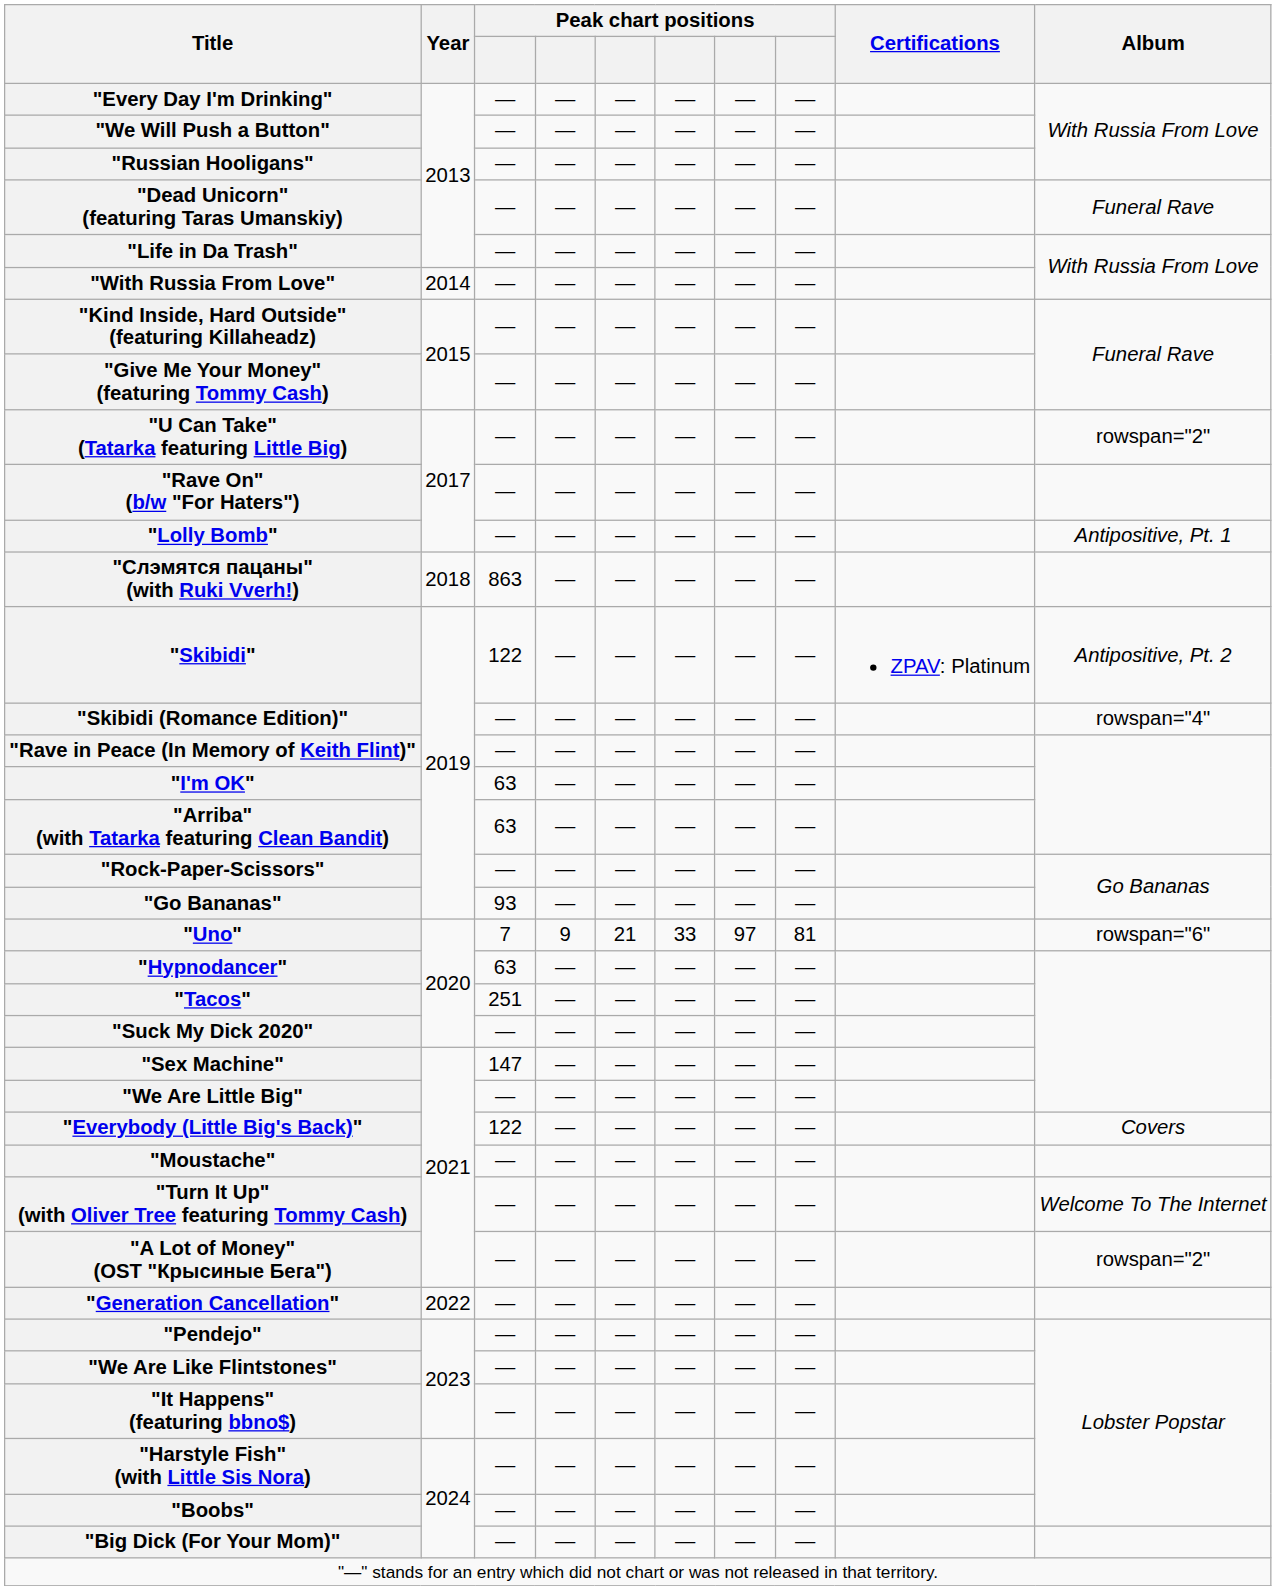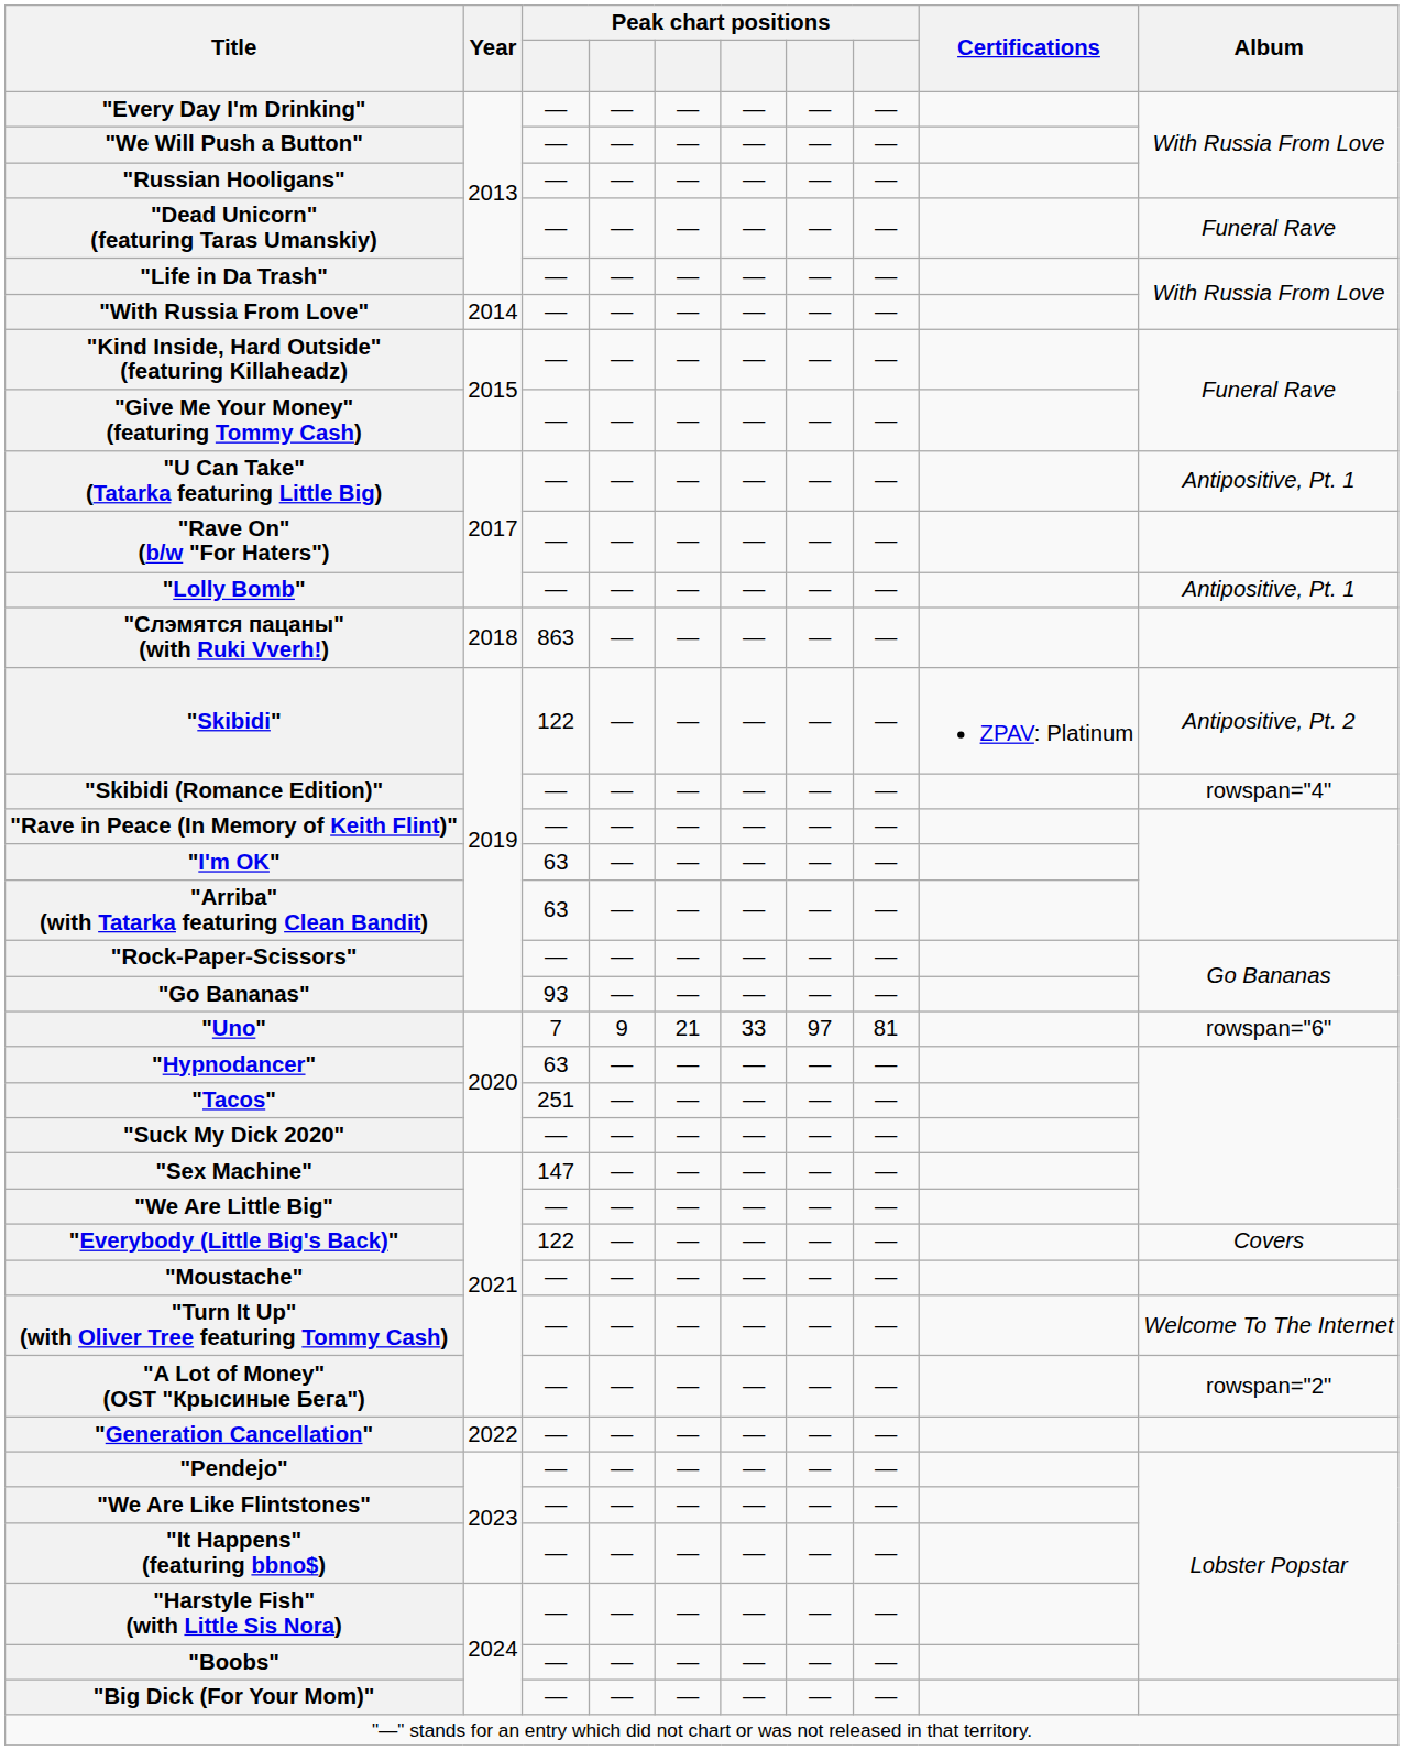 <table class="wikitable plainrowheaders" style="text-align:center;">
 <tr>
 <th rowspan="2" scope="col">Title</th>
 <th rowspan="2" scope="col">Year</th>
 <th colspan="6" scope="col">Peak chart positions</th>
 <th rowspan="2" scope="col"><a href='#'>Certifications</a></th>
 <th rowspan="2" scope="col">Album</th>
 </tr>
 <tr>
 <th scope="col" style="width:3em;font-size:85%;"><a href='#'></a><br></th>
 <th scope="col" style="width:3em;font-size:85%;"><a href='#'></a><br></th>
 <th scope="col" style="width:3em;font-size:85%;"><a href='#'></a><br></th>
 <th scope="col" style="width:3em;font-size:85%;"><a href='#'></a><br></th>
 <th scope="col" style="width:3em;font-size:85%;"><a href='#'></a><br></th>
 <th scope="col" style="width:3em;font-size:85%;"><a href='#'><br></a><br></th>
 </tr>
 <tr>
 <th scope="row">"Every Day I'm Drinking"</th>
 <td rowspan="5">2013</td>
 <td>—</td>
 <td>—</td>
 <td>—</td>
 <td>—</td>
 <td>—</td>
 <td>—</td>
 <td></td>
 <td rowspan="3"><em>With Russia From Love</em></td>
 </tr>
 <tr>
 <th scope="row">"We Will Push a Button"</th>
 <td>—</td>
 <td>—</td>
 <td>—</td>
 <td>—</td>
 <td>—</td>
 <td>—</td>
 <td></td>
 </tr>
 <tr>
 <th scope="row">"Russian Hooligans"</th>
 <td>—</td>
 <td>—</td>
 <td>—</td>
 <td>—</td>
 <td>—</td>
 <td>—</td>
 <td></td>
 </tr>
 <tr>
 <th scope="row">"Dead Unicorn"<br><span>(featuring Taras Umanskiy)</span></th>
 <td>—</td>
 <td>—</td>
 <td>—</td>
 <td>—</td>
 <td>—</td>
 <td>—</td>
 <td></td>
 <td><em>Funeral Rave</em></td>
 </tr>
 <tr>
 <th scope="row">"Life in Da Trash"</th>
 <td>—</td>
 <td>—</td>
 <td>—</td>
 <td>—</td>
 <td>—</td>
 <td>—</td>
 <td></td>
 <td rowspan="2"><em>With Russia From Love</em></td>
 </tr>
 <tr>
 <th scope="row">"With Russia From Love"</th>
 <td>2014</td>
 <td>—</td>
 <td>—</td>
 <td>—</td>
 <td>—</td>
 <td>—</td>
 <td>—</td>
 <td></td>
 </tr>
 <tr>
 <th scope="row">"Kind Inside, Hard Outside"<br><span>(featuring Killaheadz)</span></th>
 <td rowspan="2">2015</td>
 <td>—</td>
 <td>—</td>
 <td>—</td>
 <td>—</td>
 <td>—</td>
 <td>—</td>
 <td></td>
 <td rowspan="2"><em>Funeral Rave</em></td>
 </tr>
 <tr>
 <th scope="row">"Give Me Your Money"<br><span>(featuring <a href='#'>Tommy Cash</a>)</span></th>
 <td>—</td>
 <td>—</td>
 <td>—</td>
 <td>—</td>
 <td>—</td>
 <td>—</td>
 <td></td>
 </tr>
 <tr>
 <th scope="row">"U Can Take"<br><span>(<a href='#'>Tatarka</a> featuring <a href='#'>Little Big</a>)</span></th>
 <td rowspan="3">2017</td>
 <td>—</td>
 <td>—</td>
 <td>—</td>
 <td>—</td>
 <td>—</td>
 <td>—</td>
 <td></td>
-<td>rowspan="2" </td>
+<td><em>Antipositive, Pt. 1</em></td>
 </tr>
 <tr>
 <th scope="row">"Rave On"<br><span>(<a href='#'>b/w</a> "For Haters")</span></th>
 <td>—</td>
 <td>—</td>
 <td>—</td>
 <td>—</td>
 <td>—</td>
 <td>—</td>
 <td></td>
 </tr>
 <tr>
 <th scope="row">"<a href='#'>Lolly Bomb</a>"</th>
 <td>—</td>
 <td>—</td>
 <td>—</td>
 <td>—</td>
 <td>—</td>
 <td>—</td>
 <td></td>
 <td><em>Antipositive, Pt. 1</em></td>
 </tr>
 <tr>
 <th scope="row">"Слэмятся пацаны"<br><span>(with <a href='#'>Ruki Vverh!</a>)</span></th>
 <td>2018</td>
 <td>863</td>
 <td>—</td>
 <td>—</td>
 <td>—</td>
 <td>—</td>
 <td>—</td>
 <td></td>
 <td></td>
 </tr>
 <tr>
 <th scope="row">"<a href='#'>Skibidi</a>"</th>
 <td rowspan="7">2019</td>
 <td>122</td>
 <td>—</td>
 <td>—</td>
 <td>—</td>
 <td>—</td>
 <td>—</td>
 <td><br><ul><li><a href='#'>ZPAV</a>: Platinum</li></ul></td>
 <td><em>Antipositive, Pt. 2</em></td>
 </tr>
 <tr>
 <th scope="row">"Skibidi (Romance Edition)"</th>
 <td>—</td>
 <td>—</td>
 <td>—</td>
 <td>—</td>
 <td>—</td>
 <td>—</td>
 <td></td>
 <td>rowspan="4" </td>
 </tr>
 <tr>
 <th scope="row">"Rave in Peace (In Memory of <a href='#'>Keith Flint</a>)"</th>
 <td>—</td>
 <td>—</td>
 <td>—</td>
 <td>—</td>
 <td>—</td>
 <td>—</td>
 <td></td>
 </tr>
 <tr>
 <th scope="row">"<a href='#'>I'm OK</a>"</th>
 <td>63</td>
 <td>—</td>
 <td>—</td>
 <td>—</td>
 <td>—</td>
 <td>—</td>
 <td></td>
 </tr>
 <tr>
 <th scope="row">"Arriba"<br><span>(with <a href='#'>Tatarka</a> featuring <a href='#'>Clean Bandit</a>)</span></th>
 <td>63</td>
 <td>—</td>
 <td>—</td>
 <td>—</td>
 <td>—</td>
 <td>—</td>
 <td></td>
 </tr>
 <tr>
 <th scope="row">"Rock-Paper-Scissors"</th>
 <td>—</td>
 <td>—</td>
 <td>—</td>
 <td>—</td>
 <td>—</td>
 <td>—</td>
 <td></td>
 <td rowspan="2"><em>Go Bananas</em></td>
 </tr>
 <tr>
 <th scope="row">"Go Bananas"</th>
 <td>93</td>
 <td>—</td>
 <td>—</td>
 <td>—</td>
 <td>—</td>
 <td>—</td>
 <td></td>
 </tr>
 <tr>
 <th scope="row">"<a href='#'>Uno</a>"</th>
 <td rowspan="4">2020</td>
 <td>7</td>
 <td>9</td>
 <td>21</td>
 <td>33</td>
 <td>97</td>
 <td>81</td>
 <td></td>
 <td>rowspan="6" </td>
 </tr>
 <tr>
 <th scope="row">"<a href='#'>Hypnodancer</a>"</th>
 <td>63</td>
 <td>—</td>
 <td>—</td>
 <td>—</td>
 <td>—</td>
 <td>—</td>
 <td></td>
 </tr>
 <tr>
 <th scope="row">"<a href='#'>Tacos</a>"</th>
 <td>251</td>
 <td>—</td>
 <td>—</td>
 <td>—</td>
 <td>—</td>
 <td>—</td>
 <td></td>
 </tr>
 <tr>
 <th scope="row">"Suck My Dick 2020"</th>
 <td>—</td>
 <td>—</td>
 <td>—</td>
 <td>—</td>
 <td>—</td>
 <td>—</td>
 <td></td>
 </tr>
 <tr>
 <th scope="row">"Sex Machine"</th>
 <td rowspan="6">2021</td>
 <td>147</td>
 <td>—</td>
 <td>—</td>
 <td>—</td>
 <td>—</td>
 <td>—</td>
 <td></td>
 </tr>
 <tr>
 <th scope="row">"We Are Little Big"</th>
 <td>—</td>
 <td>—</td>
 <td>—</td>
 <td>—</td>
 <td>—</td>
 <td>—</td>
 <td></td>
 </tr>
 <tr>
 <th scope="row">"<a href='#'>Everybody (Little Big's Back)</a>"</th>
 <td>122</td>
 <td>—</td>
 <td>—</td>
 <td>—</td>
 <td>—</td>
 <td>—</td>
 <td></td>
 <td><em>Covers</em></td>
 </tr>
 <tr>
 <th scope="row">"Moustache"<br></th>
 <td>—</td>
 <td>—</td>
 <td>—</td>
 <td>—</td>
 <td>—</td>
 <td>—</td>
 <td></td>
 <td></td>
 </tr>
 <tr>
 <th scope="row">"Turn It Up" <br><span>(with <a href='#'>Oliver Tree</a> featuring <a href='#'>Tommy Cash</a>)</span></th>
 <td>—</td>
 <td>—</td>
 <td>—</td>
 <td>—</td>
 <td>—</td>
 <td>—</td>
 <td></td>
 <td><em>Welcome To The Internet</em></td>
 </tr>
 <tr>
 <th scope="row">"A Lot of Money"<br><span>(OST "Крысиные Бега")</span></th>
 <td>—</td>
 <td>—</td>
 <td>—</td>
 <td>—</td>
 <td>—</td>
 <td>—</td>
 <td></td>
 <td>rowspan="2" </td>
 </tr>
 <tr>
 <th scope="row">"<a href='#'>Generation Cancellation</a>"</th>
 <td>2022</td>
 <td>—</td>
 <td>—</td>
 <td>—</td>
 <td>—</td>
 <td>—</td>
 <td>—</td>
 <td></td>
 </tr>
 <tr>
 <th scope="row">"Pendejo"</th>
 <td rowspan="3">2023</td>
 <td>—</td>
 <td>—</td>
 <td>—</td>
 <td>—</td>
 <td>—</td>
 <td>—</td>
 <td></td>
 <td rowspan="5"><em>Lobster Popstar</em></td>
 </tr>
 <tr>
 <th scope="row">"We Are Like Flintstones"</th>
 <td>—</td>
 <td>—</td>
 <td>—</td>
 <td>—</td>
 <td>—</td>
 <td>—</td>
 <td></td>
 </tr>
 <tr>
 <th scope="row">"It Happens"<br><span>(featuring <a href='#'>bbno$</a>)</span></th>
 <td>—</td>
 <td>—</td>
 <td>—</td>
 <td>—</td>
 <td>—</td>
 <td>—</td>
 <td></td>
 </tr>
 <tr>
 <th scope="row">"Harstyle Fish"<br><span>(with <a href='#'>Little Sis Nora</a>)</span></th>
 <td rowspan="3">2024</td>
 <td>—</td>
 <td>—</td>
 <td>—</td>
 <td>—</td>
 <td>—</td>
 <td>—</td>
 <td></td>
 </tr>
 <tr>
 <th scope="row">"Boobs"</th>
 <td>—</td>
 <td>—</td>
 <td>—</td>
 <td>—</td>
 <td>—</td>
 <td>—</td>
 <td></td>
 </tr>
 <tr>
 <th scope="row">"Big Dick (For Your Mom)"</th>
 <td>—</td>
 <td>—</td>
 <td>—</td>
 <td>—</td>
 <td>—</td>
 <td>—</td>
 <td></td>
 <td></td>
 </tr>
 <tr>
 <td colspan="10" style="font-size:85%;">"—" stands for an entry which did not chart or was not released in that territory.</td>
 </tr>
 </table>
